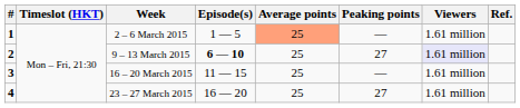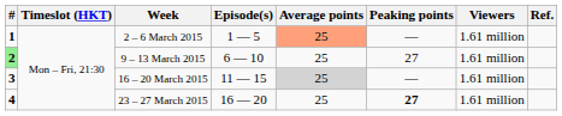 <table class="wikitable" style="text-align:center;">
 <tr>
 <th>#</th>
 <th>Timeslot (<a href='#'>HKT</a>)</th>
 <th>Week</th>
 <th>Episode(s)</th>
 <th>Average points</th>
 <th>Peaking points</th>
 <th>Viewers</th>
 <th>Ref.</th>
 </tr>
 <tr>
 <td><strong>1</strong></td>
 <td rowspan="4"><small>Mon – Fri, 21:30</small></td>
 <td><small>2 – 6 March 2015</small></td>
 <td>1 — 5</td>
 <td style="background: lightsalmon;">25</td>
 <td>—</td>
 <td>1.61 million</td>
 <td></td>
 </tr>
 <tr>
-<td><strong>2</strong></td>
+<td style="background: lightgreen;"><strong>2</strong></td>
 <td><small>9 – 13 March 2015</small></td>
-<td><strong>6 — 10</strong></td>
+<td>6 — 10</td>
 <td>25</td>
 <td>27</td>
-<td style="background: lavender;">1.61 million</td>
+<td>1.61 million</td>
 <td></td>
 </tr>
 <tr>
 <td><strong>3</strong></td>
 <td><small>16 – 20 March 2015</small></td>
 <td>11 — 15</td>
-<td>25</td>
+<td style="background: lightgrey;">25</td>
 <td>—</td>
 <td>1.61 million</td>
 <td></td>
 </tr>
 <tr>
 <td><strong>4</strong></td>
 <td><small>23 – 27 March 2015</small></td>
 <td>16 — 20</td>
 <td>25</td>
-<td>27</td>
+<td><strong>27</strong></td>
 <td>1.61 million</td>
 <td></td>
 </tr>
 </table>
